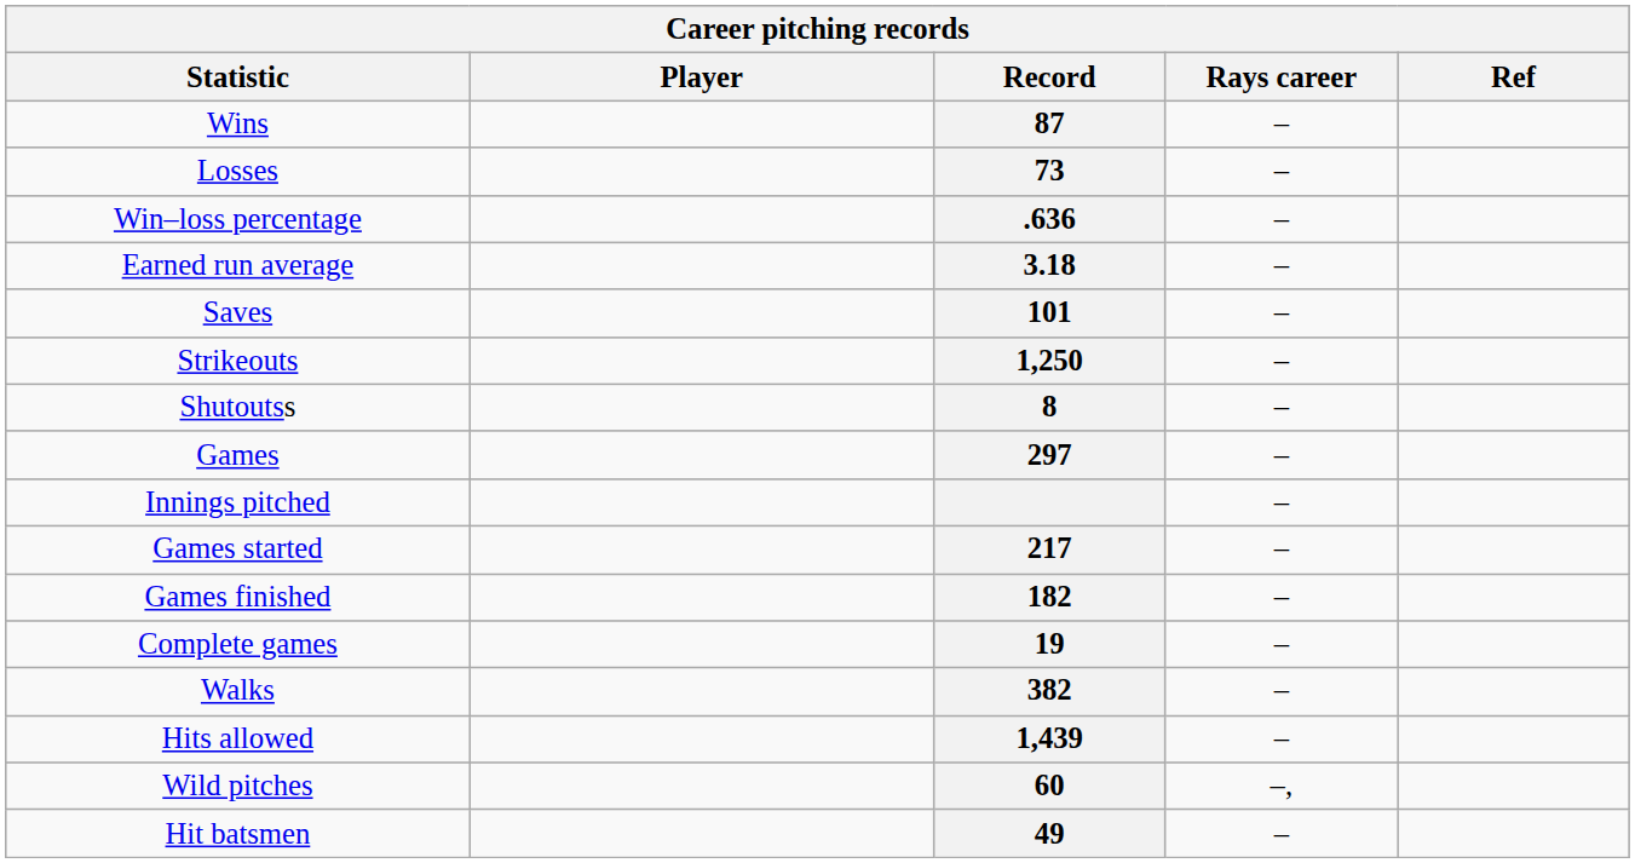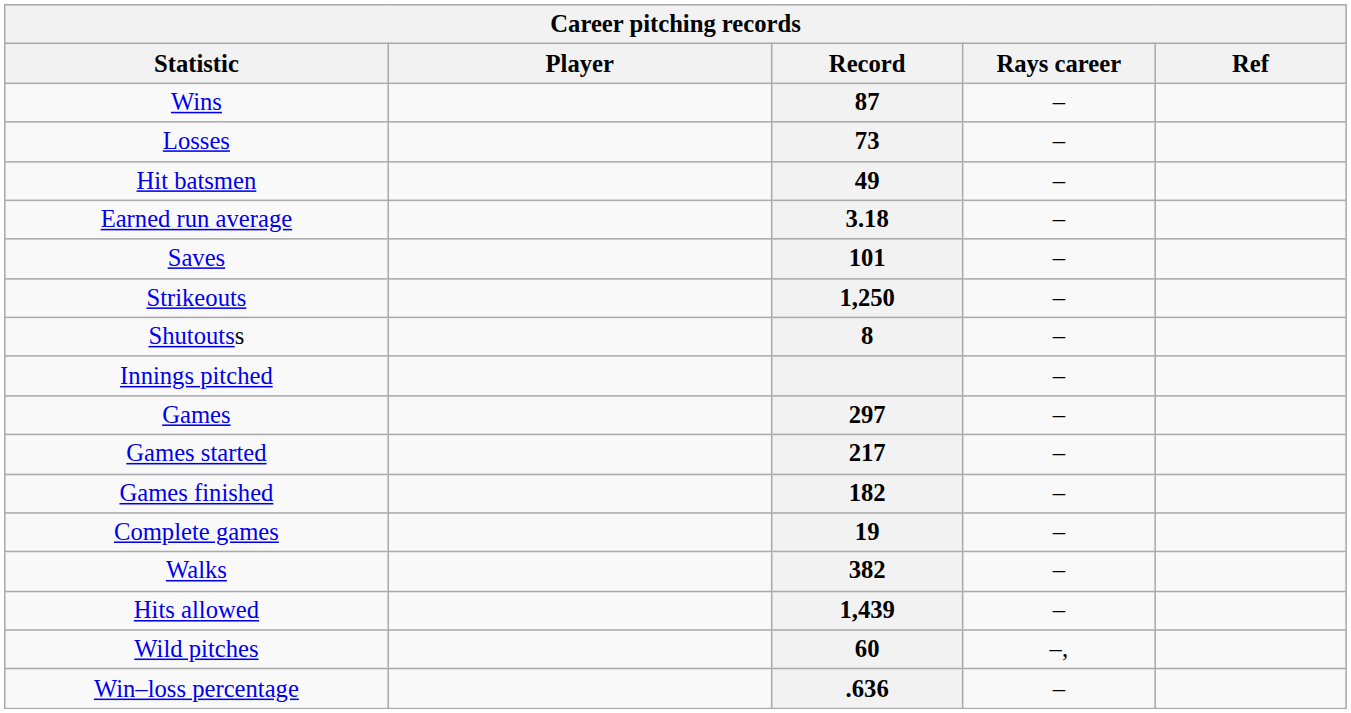 <table class="wikitable" style="text-align:center" width="69%">
 <tr>
 <th colspan=5>Career pitching records</th>
 </tr>
 <tr>
 <th scope="col" width=20%>Statistic</th>
 <th scope="col" width=20%>Player</th>
 <th scope="col" width=10% class="unsortable">Record</th>
 <th scope="col" width=10%>Rays career</th>
 <th scope="col" width=10% class="unsortable">Ref</th>
 </tr>
 <tr>
 <td><a href='#'>Wins</a></td>
 <td></td>
 <th scope="row">87</th>
 <td>–</td>
 <td></td>
 </tr>
 <tr>
 <td><a href='#'>Losses</a></td>
 <td></td>
 <th scope="row">73</th>
 <td>–</td>
 <td></td>
 </tr>
 <tr>
-<td><a href='#'>Win–loss percentage</a></td>
+<td><a href='#'>Hit batsmen</a></td>
 <td></td>
-<th scope="row">.636</th>
+<th scope="row">49</th>
 <td>–</td>
 <td></td>
 </tr>
 <tr>
 <td><a href='#'>Earned run average</a></td>
 <td></td>
 <th scope="row">3.18</th>
 <td>–</td>
 <td></td>
 </tr>
 <tr>
 <td><a href='#'>Saves</a></td>
 <td></td>
 <th scope="row">101</th>
 <td>–</td>
 <td></td>
 </tr>
 <tr>
 <td><a href='#'>Strikeouts</a></td>
 <td></td>
 <th scope="row">1,250</th>
 <td>–</td>
 <td></td>
 </tr>
 <tr>
 <td><a href='#'>Shutouts</a>s</td>
 <td></td>
 <th scope="row">8</th>
 <td>–</td>
 <td></td>
 </tr>
 <tr>
-<td><a href='#'>Games</a></td>
+<td><a href='#'>Innings pitched</a></td>
 <td></td>
-<th scope="row">297</th>
+<th scope="row"></th>
 <td>–</td>
 <td></td>
 </tr>
 <tr>
-<td><a href='#'>Innings pitched</a></td>
+<td><a href='#'>Games</a></td>
 <td></td>
-<th scope="row"></th>
+<th scope="row">297</th>
 <td>–</td>
 <td></td>
 </tr>
 <tr>
 <td><a href='#'>Games started</a></td>
 <td></td>
 <th scope="row">217</th>
 <td>–</td>
 <td></td>
 </tr>
 <tr>
 <td><a href='#'>Games finished</a></td>
 <td></td>
 <th scope="row">182</th>
 <td>–</td>
 <td></td>
 </tr>
 <tr>
 <td><a href='#'>Complete games</a></td>
 <td></td>
 <th scope="row">19</th>
 <td>–</td>
 <td></td>
 </tr>
 <tr>
 <td><a href='#'>Walks</a></td>
 <td></td>
 <th scope="row">382</th>
 <td>–</td>
 <td></td>
 </tr>
 <tr>
 <td><a href='#'>Hits allowed</a></td>
 <td></td>
 <th scope="row">1,439</th>
 <td>–</td>
 <td></td>
 </tr>
 <tr>
 <td><a href='#'>Wild pitches</a></td>
 <td></td>
 <th scope="row">60</th>
 <td>–, </td>
 <td></td>
 </tr>
 <tr>
-<td><a href='#'>Hit batsmen</a></td>
+<td><a href='#'>Win–loss percentage</a></td>
 <td></td>
-<th scope="row">49</th>
+<th scope="row">.636</th>
 <td>–</td>
 <td></td>
 </tr>
 </table>
